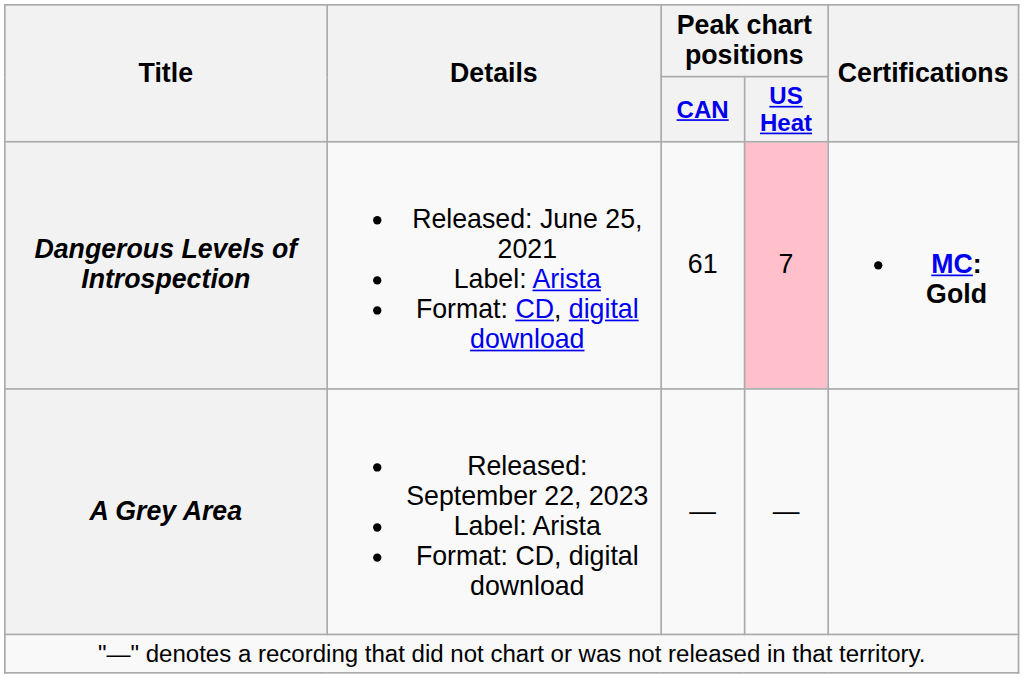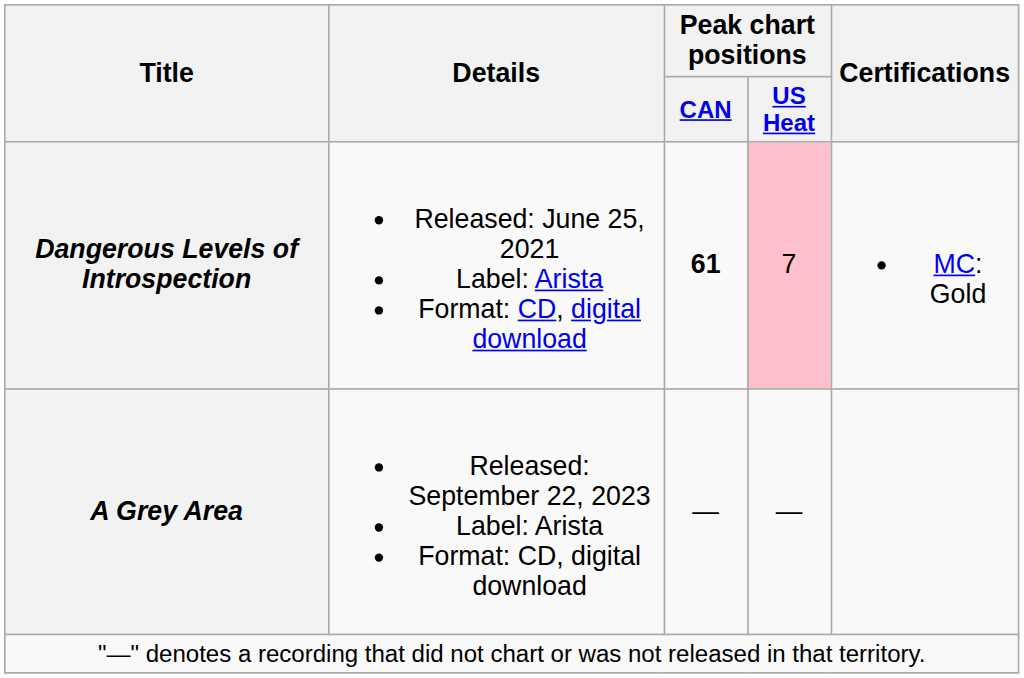 <table class="wikitable plainrowheaders" style="text-align:center;" border="1">
 <tr>
 <th scope="col" rowspan="2">Title</th>
 <th scope="col" rowspan="2">Details</th>
 <th scope="col" colspan="2">Peak chart positions</th>
 <th scope="col" rowspan="2">Certifications</th>
 </tr>
 <tr>
 <th scope="col" style="width:3em;font-size:90%;"><a href='#'>CAN</a><br></th>
 <th scope="col" style="width:3em;font-size:90%;"><a href='#'>US Heat</a><br></th>
 </tr>
 <tr>
 <th scope="row"><em>Dangerous Levels of Introspection</em></th>
 <td><br><ul><li>Released: June 25, 2021</li><li>Label: <a href='#'>Arista</a></li><li>Format: <a href='#'>CD</a>, <a href='#'>digital download</a></li></ul></td>
-<td>61</td>
+<td><strong>61</strong></td>
 <td style="background: pink;">7</td>
-<td><strong><br><ul><li><a href='#'>MC</a>: Gold</li></ul></strong></td>
+<td><br><ul><li><a href='#'>MC</a>: Gold</li></ul></td>
 </tr>
 <tr>
 <th scope="row"><em>A Grey Area</em></th>
 <td><br><ul><li>Released: September 22, 2023</li><li>Label: Arista</li><li>Format: CD, digital download</li></ul></td>
 <td>—</td>
 <td>—</td>
 <td></td>
 </tr>
 <tr>
 <td colspan="20" style="font-size:90%">"—" denotes a recording that did not chart or was not released in that territory.</td>
 </tr>
 </table>
